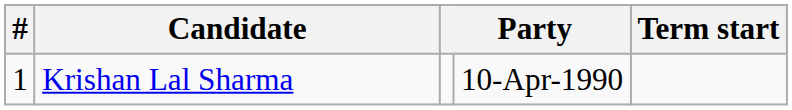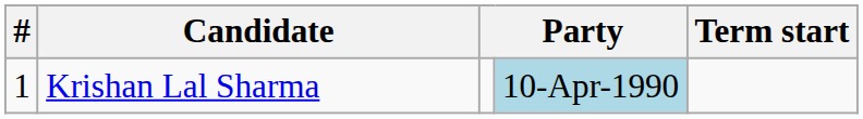 <table class="wikitable">
 <tr>
 <th>#</th>
 <th style="width:200px">Candidate</th>
 <th colspan="2">Party</th>
 <th>Term start</th>
 </tr>
 <tr>
 <td>1</td>
 <td><a href='#'>Krishan Lal Sharma</a></td>
 <td></td>
-<td>10-Apr-1990</td>
+<td style="background: lightblue;">10-Apr-1990</td>
 </tr>
 </table>
